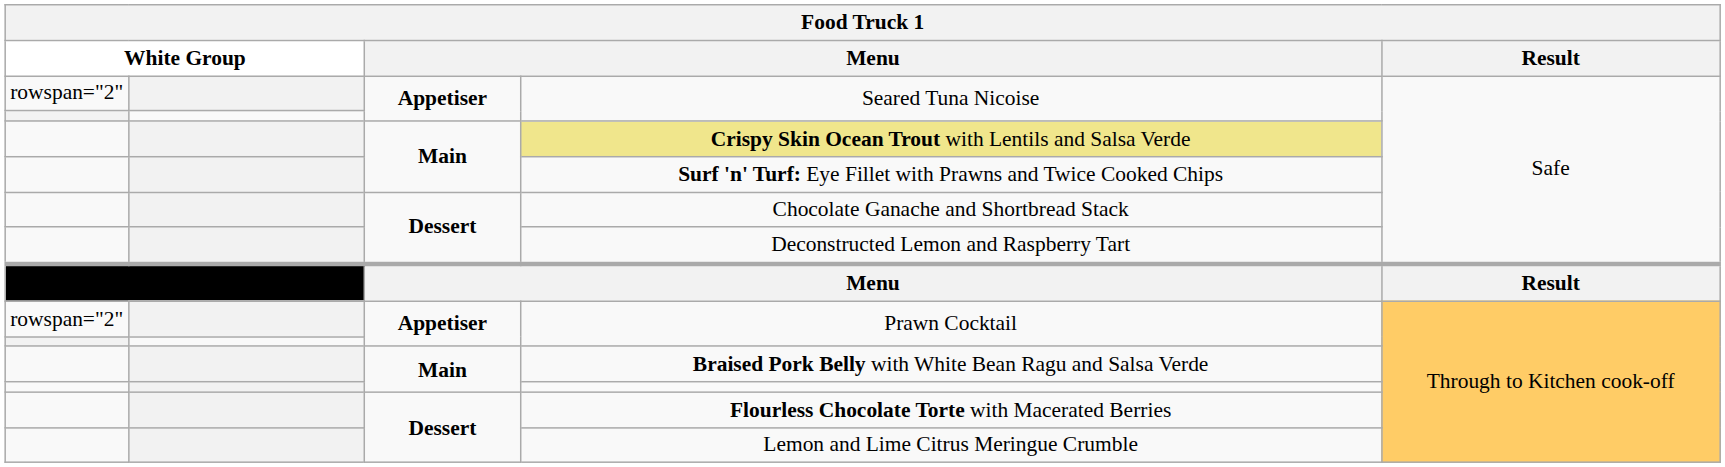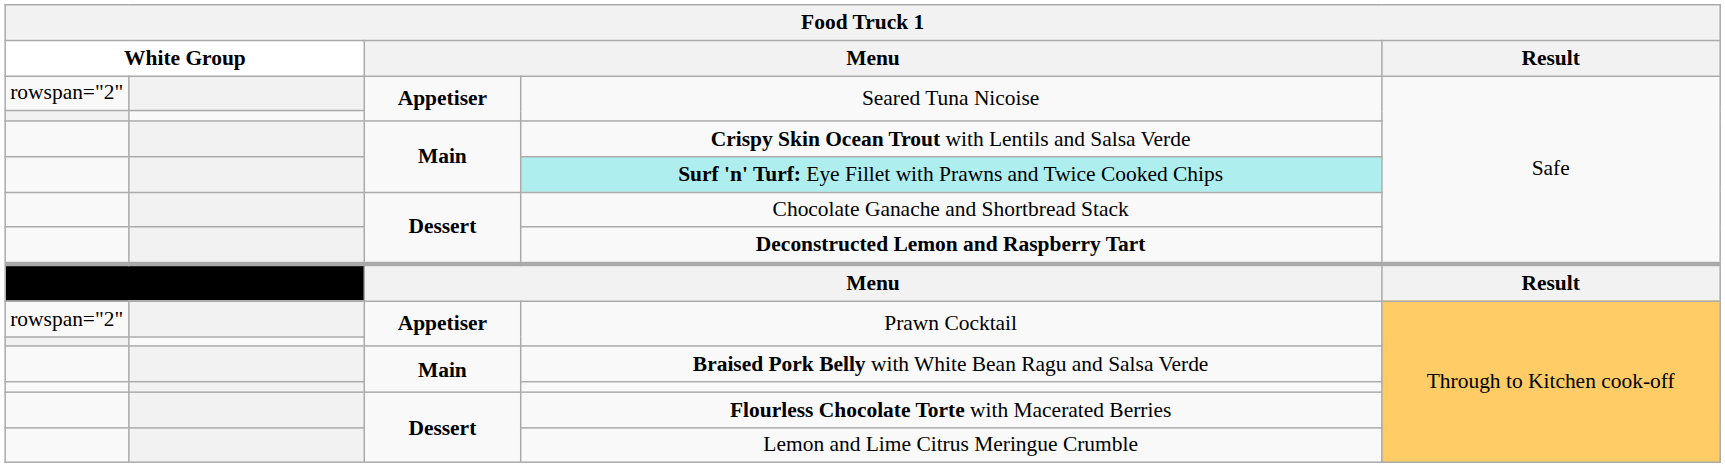 <table class="wikitable plainrowheaders" style="margin:1em auto; text-align:center; font-size:90%; width:80em;">
 <tr>
 <th colspan="5" >Food Truck 1</th>
 </tr>
 <tr>
 <th style="width:20%; background:white" colspan="2">White Group</th>
 <th style="width:60%;" colspan="2">Menu</th>
 <th style="width:20%;">Result</th>
 </tr>
 <tr>
 <td>rowspan="2" </td>
 <th style="width:14%;"></th>
 <td rowspan="2"><strong>Appetiser</strong></td>
 <td rowspan="2">Seared Tuna Nicoise</td>
 <td rowspan="6">Safe</td>
 </tr>
 <tr>
 <th></th>
 </tr>
 <tr>
 <td></td>
 <th></th>
 <td rowspan="2"><strong>Main</strong></td>
-<td style="background: khaki;"><strong>Crispy Skin Ocean Trout</strong> with Lentils and Salsa Verde</td>
+<td><strong>Crispy Skin Ocean Trout</strong> with Lentils and Salsa Verde</td>
 </tr>
 <tr>
 <td></td>
 <th></th>
-<td><strong>Surf 'n' Turf:</strong> Eye Fillet with Prawns and Twice Cooked Chips</td>
+<td style="background: paleturquoise;"><strong>Surf 'n' Turf:</strong> Eye Fillet with Prawns and Twice Cooked Chips</td>
 </tr>
 <tr>
 <td></td>
 <th></th>
 <td rowspan="2"><strong>Dessert</strong></td>
 <td>Chocolate Ganache and Shortbread Stack</td>
 </tr>
 <tr>
 <td></td>
 <th></th>
-<td>Deconstructed Lemon and Raspberry Tart</td>
+<td><strong>Deconstructed Lemon and Raspberry Tart</strong></td>
 </tr>
 <tr style="border-top:3px solid #aaa;">
 <th style="width:20%; background:black" colspan="2"></th>
 <th style="width:60%;" colspan="2">Menu</th>
 <th style="width:20%;">Result</th>
 </tr>
 <tr>
 <td>rowspan="2" </td>
 <th></th>
 <td rowspan="2"><strong>Appetiser</strong></td>
 <td rowspan="2">Prawn Cocktail</td>
 <td rowspan="6" style="background:#fc6;">Through to Kitchen cook-off</td>
 </tr>
 <tr>
 <th></th>
 </tr>
 <tr>
 <td></td>
 <th></th>
 <td rowspan="2"><strong>Main</strong></td>
 <td><strong>Braised Pork Belly</strong> with White Bean Ragu and Salsa Verde</td>
 </tr>
 <tr>
 <td></td>
 <th></th>
 <td></td>
 </tr>
 <tr>
 <td></td>
 <th></th>
 <td rowspan="2"><strong>Dessert</strong></td>
 <td><strong>Flourless Chocolate Torte</strong> with Macerated Berries</td>
 </tr>
 <tr>
 <td></td>
 <th></th>
 <td>Lemon and Lime Citrus Meringue Crumble</td>
 </tr>
 </table>
